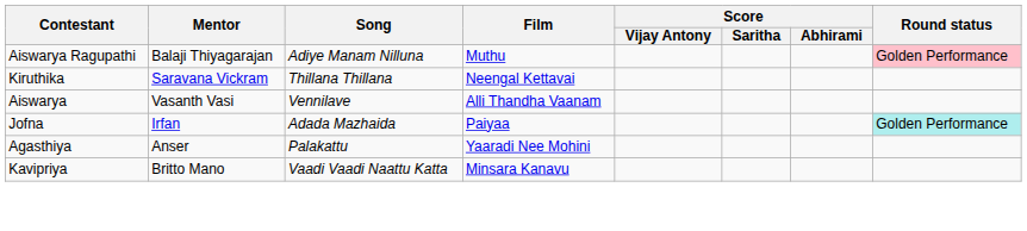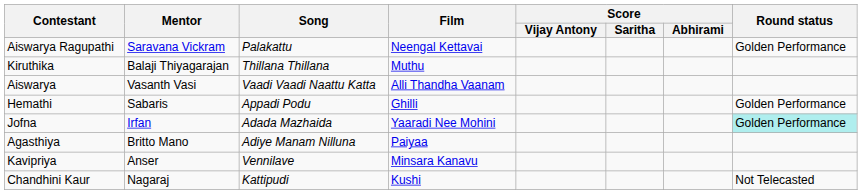 <table class="wikitable" style="align: center;" width="90%">
 <tr>
 <th rowspan="2">Contestant</th>
 <th rowspan="2">Mentor</th>
 <th rowspan="2">Song</th>
 <th rowspan="2">Film</th>
 <th colspan="3">Score</th>
 <th rowspan="2">Round status</th>
 </tr>
 <tr>
 <th style="padding: 0 8px">Vijay Antony</th>
 <th style="padding: 0 8px">Saritha</th>
 <th style="padding: 0 8px">Abhirami</th>
 </tr>
 <tr>
 <td>Aiswarya Ragupathi</td>
-<td>Balaji Thiyagarajan</td>
-<td><em>Adiye Manam Nilluna</em></td>
-<td><a href='#'>Muthu</a></td>
+<td><a href='#'>Saravana Vickram</a></td>
+<td><em>Palakattu</em></td>
+<td><a href='#'>Neengal Kettavai</a></td>
 <td></td>
 <td></td>
 <td></td>
-<td style="background: pink;">Golden Performance</td>
+<td>Golden Performance</td>
 </tr>
 <tr>
 <td>Kiruthika</td>
-<td><a href='#'>Saravana Vickram</a></td>
+<td>Balaji Thiyagarajan</td>
 <td><em>Thillana Thillana</em></td>
-<td><a href='#'>Neengal Kettavai</a></td>
+<td><a href='#'>Muthu</a></td>
 <td></td>
 <td></td>
 <td></td>
 <td></td>
 </tr>
 <tr>
 <td>Aiswarya</td>
 <td>Vasanth Vasi</td>
-<td><em>Vennilave</em></td>
+<td><em>Vaadi Vaadi Naattu Katta</em></td>
 <td><a href='#'>Alli Thandha Vaanam</a></td>
 <td></td>
 <td></td>
 <td></td>
 <td></td>
 </tr>
 <tr>
+<td>Hemathi</td>
+<td>Sabaris</td>
+<td><em>Appadi Podu</em></td>
+<td><a href='#'>Ghilli</a></td>
+<td></td>
+<td></td>
+<td></td>
+<td>Golden Performance</td>
+</tr>
+<tr>
 <td>Jofna</td>
 <td><a href='#'>Irfan</a></td>
 <td><em>Adada Mazhaida</em></td>
-<td><a href='#'>Paiyaa</a></td>
+<td><a href='#'>Yaaradi Nee Mohini</a></td>
 <td></td>
 <td></td>
 <td></td>
 <td style="background: paleturquoise;">Golden Performance</td>
 </tr>
 <tr>
 <td>Agasthiya</td>
-<td>Anser</td>
-<td><em>Palakattu</em></td>
-<td><a href='#'>Yaaradi Nee Mohini</a></td>
+<td>Britto Mano</td>
+<td><em>Adiye Manam Nilluna</em></td>
+<td><a href='#'>Paiyaa</a></td>
 <td></td>
 <td></td>
 <td></td>
 <td></td>
 </tr>
 <tr>
 <td>Kavipriya</td>
-<td>Britto Mano</td>
-<td><em>Vaadi Vaadi Naattu Katta</em></td>
+<td>Anser</td>
+<td><em>Vennilave</em></td>
 <td><a href='#'>Minsara Kanavu</a></td>
 <td></td>
 <td></td>
 <td></td>
 <td></td>
 </tr>
+<tr>
+<td>Chandhini Kaur</td>
+<td>Nagaraj</td>
+<td><em>Kattipudi</em></td>
+<td><a href='#'>Kushi</a></td>
+<td></td>
+<td></td>
+<td></td>
+<td>Not Telecasted</td>
+</tr>
 </table>
